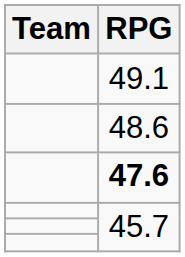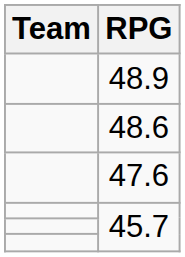 <table class=wikitable>
 <tr>
 <th>Team</th>
 <th>RPG</th>
 </tr>
 <tr>
 <td></td>
-<td align=center>49.1</td>
+<td align=center>48.9</td>
 </tr>
 <tr>
 <td></td>
 <td align=center>48.6</td>
 </tr>
 <tr>
 <td></td>
-<td align=center><strong>47.6</strong></td>
+<td align=center>47.6</td>
 </tr>
 <tr>
 <td></td>
 <td align=center rowspan=3>45.7</td>
 </tr>
 <tr>
 <td></td>
 </tr>
 <tr>
 <td></td>
 </tr>
 </table>
